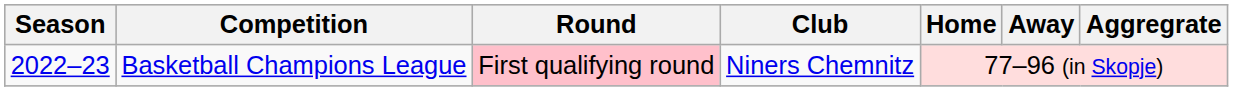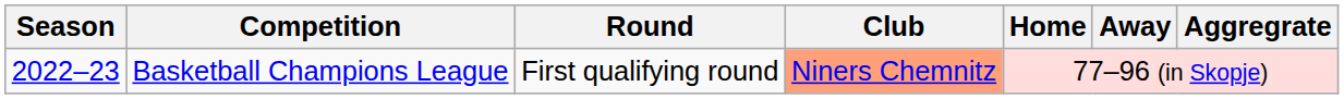 <table class="wikitable" style="text-align:center;">
 <tr>
 <th>Season</th>
 <th>Competition</th>
 <th>Round</th>
 <th>Club</th>
 <th>Home</th>
 <th>Away</th>
 <th>Aggregrate</th>
 </tr>
 <tr>
 <td><a href='#'>2022–23</a></td>
 <td><a href='#'>Basketball Champions League</a></td>
-<td style="background: pink;">First qualifying round</td>
-<td align="left"> <a href='#'>Niners Chemnitz</a></td>
+<td>First qualifying round</td>
+<td align="left" style="background: lightsalmon;"> <a href='#'>Niners Chemnitz</a></td>
 <td colspan=3 bgcolor="#fdd">77–96 <small>(in <a href='#'>Skopje</a>)</small></td>
 </tr>
 </table>
